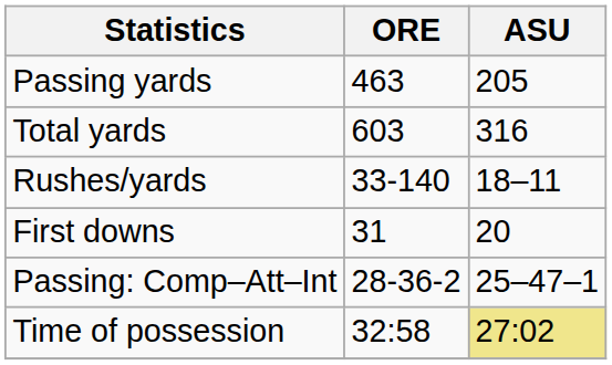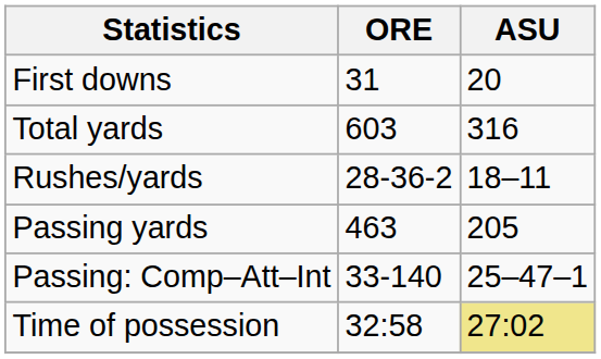 <table class="wikitable" style="float: left;">
 <tr>
 <th>Statistics</th>
 <th>ORE</th>
 <th>ASU</th>
 </tr>
 <tr>
-<td>Passing yards</td>
-<td>463</td>
-<td>205</td>
+<td>First downs</td>
+<td>31</td>
+<td>20</td>
 </tr>
 <tr>
 <td>Total yards</td>
 <td>603</td>
 <td>316</td>
 </tr>
 <tr>
 <td>Rushes/yards</td>
-<td>33-140</td>
+<td>28-36-2</td>
 <td>18–11</td>
 </tr>
 <tr>
-<td>First downs</td>
-<td>31</td>
-<td>20</td>
+<td>Passing yards</td>
+<td>463</td>
+<td>205</td>
 </tr>
 <tr>
 <td>Passing: Comp–Att–Int</td>
-<td>28-36-2</td>
+<td>33-140</td>
 <td>25–47–1</td>
 </tr>
 <tr>
 <td>Time of possession</td>
 <td>32:58</td>
 <td style="background: khaki;">27:02</td>
 </tr>
 <tr>
 </tr>
 </table>
